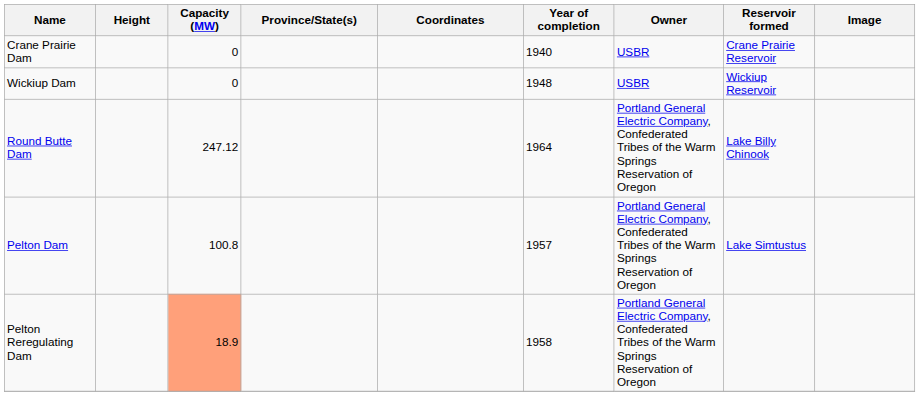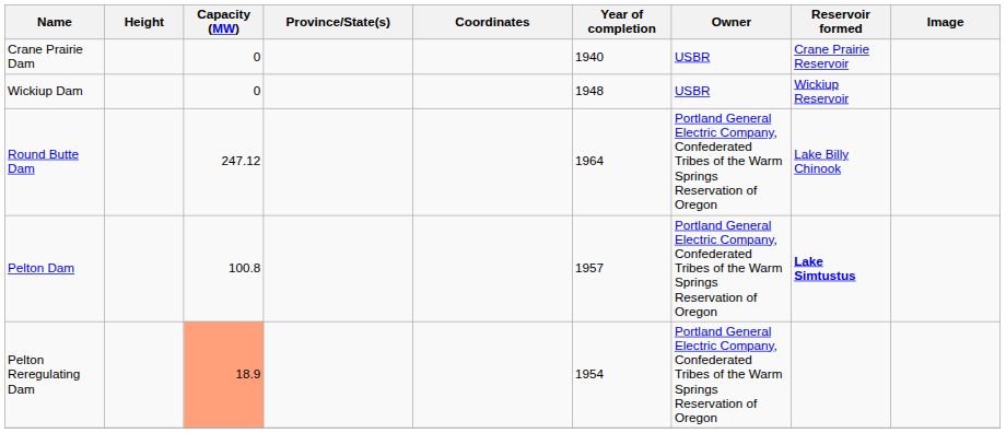 <table class="wikitable sortable" border="1">
 <tr>
 <th width="10%">Name</th>
 <th width="8%">Height</th>
 <th width="8%">Capacity (<a href='#'>MW</a>)</th>
 <th width="15%">Province/State(s)</th>
 <th width="16%">Coordinates</th>
 <th width="10%">Year of completion</th>
 <th width="12%">Owner</th>
 <th width="10%">Reservoir formed</th>
 <th>Image</th>
 </tr>
 <tr>
 <td>Crane Prairie Dam</td>
 <td></td>
 <td align="right">0</td>
 <td></td>
 <td></td>
 <td>1940</td>
 <td><a href='#'>USBR</a></td>
 <td><a href='#'>Crane Prairie Reservoir</a></td>
 <td></td>
 </tr>
 <tr>
 <td>Wickiup Dam</td>
 <td></td>
 <td align="right">0</td>
 <td></td>
 <td></td>
 <td>1948</td>
 <td><a href='#'>USBR</a></td>
 <td><a href='#'>Wickiup Reservoir</a></td>
 <td></td>
 </tr>
 <tr>
 <td><a href='#'>Round Butte Dam</a></td>
 <td></td>
 <td align="right">247.12</td>
 <td></td>
 <td></td>
 <td>1964</td>
 <td><a href='#'>Portland General Electric Company</a>, Confederated Tribes of the Warm Springs Reservation of Oregon</td>
 <td><a href='#'>Lake Billy Chinook</a></td>
 <td></td>
 </tr>
 <tr>
 <td><a href='#'>Pelton Dam</a></td>
 <td></td>
 <td align="right">100.8</td>
 <td></td>
 <td></td>
 <td>1957</td>
 <td><a href='#'>Portland General Electric Company</a>, Confederated Tribes of the Warm Springs Reservation of Oregon</td>
-<td><a href='#'>Lake Simtustus</a></td>
+<td><strong><a href='#'>Lake Simtustus</a></strong></td>
 <td></td>
 </tr>
 <tr>
 <td>Pelton Reregulating Dam</td>
 <td></td>
 <td align="right" style="background: lightsalmon;">18.9</td>
 <td></td>
 <td></td>
-<td>1958</td>
+<td>1954</td>
 <td><a href='#'>Portland General Electric Company</a>, Confederated Tribes of the Warm Springs Reservation of Oregon</td>
 <td></td>
 <td></td>
 </tr>
 <tr>
 </tr>
 </table>
